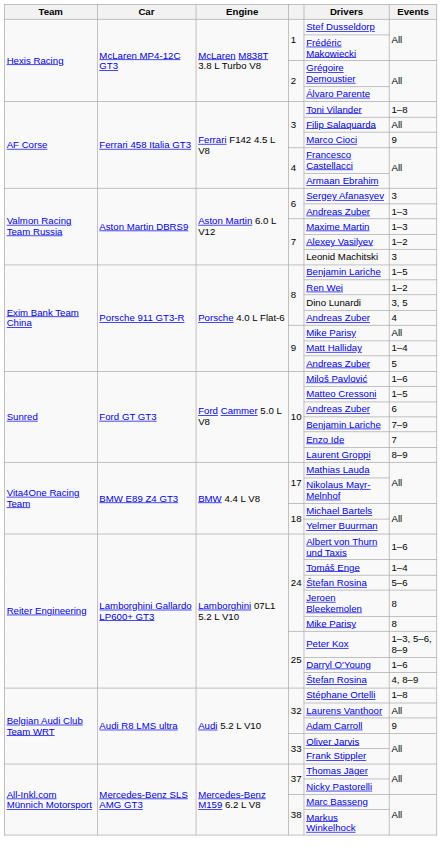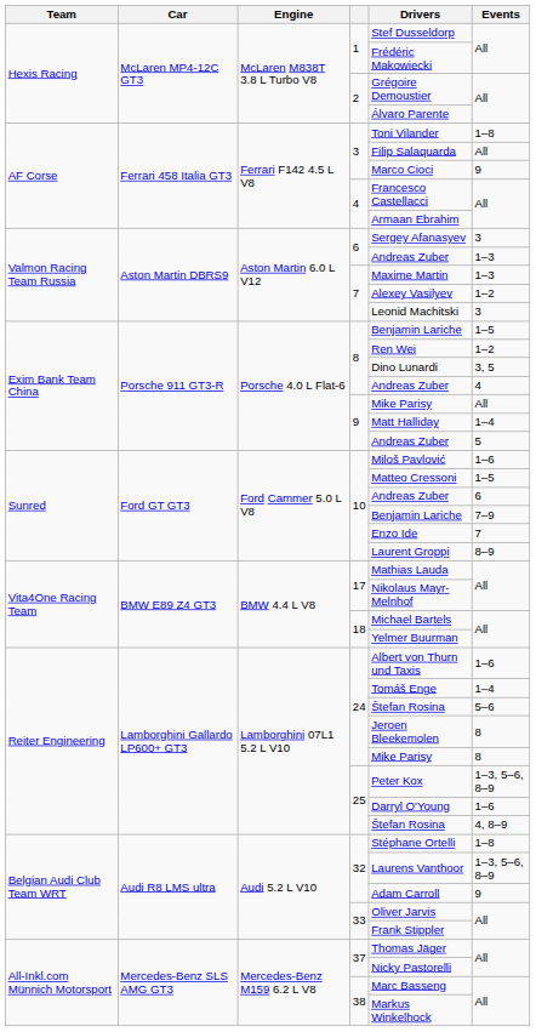 <table class="wikitable" style="font-size: 85%;">
 <tr>
 <th>Team</th>
 <th>Car</th>
 <th>Engine</th>
 <th></th>
 <th>Drivers</th>
 <th>Events</th>
 </tr>
 <tr>
 <td rowspan=4> <a href='#'>Hexis Racing</a></td>
 <td rowspan=4><a href='#'>McLaren MP4-12C GT3</a></td>
 <td rowspan=4><a href='#'>McLaren</a> <a href='#'>M838T</a> 3.8 L Turbo V8</td>
 <td rowspan=2>1</td>
 <td> <a href='#'>Stef Dusseldorp</a></td>
 <td rowspan=2>All</td>
 </tr>
 <tr>
 <td> <a href='#'>Frédéric Makowiecki</a></td>
 </tr>
 <tr>
 <td rowspan=2>2</td>
 <td> <a href='#'>Grégoire Demoustier</a></td>
 <td rowspan=2>All</td>
 </tr>
 <tr>
 <td> <a href='#'>Álvaro Parente</a></td>
 </tr>
 <tr>
 <td rowspan=5> <a href='#'>AF Corse</a></td>
 <td rowspan=5><a href='#'>Ferrari 458 Italia GT3</a></td>
 <td rowspan=5><a href='#'>Ferrari</a> F142 4.5 L V8</td>
 <td rowspan=3>3</td>
 <td> <a href='#'>Toni Vilander</a></td>
 <td>1–8</td>
 </tr>
 <tr>
 <td> <a href='#'>Filip Salaquarda</a></td>
 <td>All</td>
 </tr>
 <tr>
 <td> <a href='#'>Marco Cioci</a></td>
 <td>9</td>
 </tr>
 <tr>
 <td rowspan=2>4</td>
 <td> <a href='#'>Francesco Castellacci</a></td>
 <td rowspan=2>All</td>
 </tr>
 <tr>
 <td> <a href='#'>Armaan Ebrahim</a></td>
 </tr>
 <tr>
 <td rowspan=5> <a href='#'>Valmon Racing Team Russia</a></td>
 <td rowspan=5><a href='#'>Aston Martin DBRS9</a></td>
 <td rowspan=5><a href='#'>Aston Martin</a> 6.0 L V12</td>
 <td rowspan=2>6</td>
 <td> <a href='#'>Sergey Afanasyev</a></td>
 <td>3</td>
 </tr>
 <tr>
 <td> <a href='#'>Andreas Zuber</a></td>
 <td>1–3</td>
 </tr>
 <tr>
 <td rowspan=3>7</td>
 <td> <a href='#'>Maxime Martin</a></td>
 <td>1–3</td>
 </tr>
 <tr>
 <td> <a href='#'>Alexey Vasilyev</a></td>
 <td>1–2</td>
 </tr>
 <tr>
 <td> Leonid Machitski</td>
 <td>3</td>
 </tr>
 <tr>
 <td rowspan=7> <a href='#'>Exim Bank Team China</a></td>
 <td rowspan=7><a href='#'>Porsche 911 GT3-R</a></td>
 <td rowspan=7><a href='#'>Porsche</a> 4.0 L Flat-6</td>
 <td rowspan=4>8</td>
 <td> <a href='#'>Benjamin Lariche</a></td>
 <td>1–5</td>
 </tr>
 <tr>
 <td> <a href='#'>Ren Wei</a></td>
 <td>1–2</td>
 </tr>
 <tr>
 <td> Dino Lunardi</td>
 <td>3, 5</td>
 </tr>
 <tr>
 <td> <a href='#'>Andreas Zuber</a></td>
 <td>4</td>
 </tr>
 <tr>
 <td rowspan=3>9</td>
 <td> <a href='#'>Mike Parisy</a></td>
 <td>All</td>
 </tr>
 <tr>
 <td> <a href='#'>Matt Halliday</a></td>
 <td>1–4</td>
 </tr>
 <tr>
 <td> <a href='#'>Andreas Zuber</a></td>
 <td>5</td>
 </tr>
 <tr>
 <td rowspan=6> <a href='#'>Sunred</a></td>
 <td rowspan=6><a href='#'>Ford GT GT3</a></td>
 <td rowspan=6><a href='#'>Ford</a> <a href='#'>Cammer</a> 5.0 L V8</td>
 <td rowspan=6>10</td>
 <td> <a href='#'>Miloš Pavlović</a></td>
 <td>1–6</td>
 </tr>
 <tr>
 <td> <a href='#'>Matteo Cressoni</a></td>
 <td>1–5</td>
 </tr>
 <tr>
 <td> <a href='#'>Andreas Zuber</a></td>
 <td>6</td>
 </tr>
 <tr>
 <td> <a href='#'>Benjamin Lariche</a></td>
 <td>7–9</td>
 </tr>
 <tr>
 <td> <a href='#'>Enzo Ide</a></td>
 <td>7</td>
 </tr>
 <tr>
 <td> <a href='#'>Laurent Groppi</a></td>
 <td>8–9</td>
 </tr>
 <tr>
 <td rowspan=4> <a href='#'>Vita4One Racing Team</a></td>
 <td rowspan=4><a href='#'>BMW E89 Z4 GT3</a></td>
 <td rowspan=4><a href='#'>BMW</a> 4.4 L V8</td>
 <td rowspan=2>17</td>
 <td> <a href='#'>Mathias Lauda</a></td>
 <td rowspan=2>All</td>
 </tr>
 <tr>
 <td> <a href='#'>Nikolaus Mayr-Melnhof</a></td>
 </tr>
 <tr>
 <td rowspan=2>18</td>
 <td> <a href='#'>Michael Bartels</a></td>
 <td rowspan=2>All</td>
 </tr>
 <tr>
 <td> <a href='#'>Yelmer Buurman</a></td>
 </tr>
 <tr>
 <td rowspan=8> <a href='#'>Reiter Engineering</a></td>
 <td rowspan=8><a href='#'>Lamborghini Gallardo LP600+ GT3</a></td>
 <td rowspan=8><a href='#'>Lamborghini</a> 07L1 5.2 L V10</td>
 <td rowspan=5>24</td>
 <td> <a href='#'>Albert von Thurn und Taxis</a></td>
 <td>1–6</td>
 </tr>
 <tr>
 <td> <a href='#'>Tomáš Enge</a></td>
 <td>1–4</td>
 </tr>
 <tr>
 <td> <a href='#'>Štefan Rosina</a></td>
 <td>5–6</td>
 </tr>
 <tr>
 <td> <a href='#'>Jeroen Bleekemolen</a></td>
 <td>8</td>
 </tr>
 <tr>
 <td> <a href='#'>Mike Parisy</a></td>
 <td>8</td>
 </tr>
 <tr>
 <td rowspan=3>25</td>
 <td> <a href='#'>Peter Kox</a></td>
 <td>1–3, 5–6, 8–9</td>
 </tr>
 <tr>
 <td> <a href='#'>Darryl O'Young</a></td>
 <td>1–6</td>
 </tr>
 <tr>
 <td> <a href='#'>Štefan Rosina</a></td>
 <td>4, 8–9</td>
 </tr>
 <tr>
 <td rowspan=5> <a href='#'>Belgian Audi Club Team WRT</a></td>
 <td rowspan=5><a href='#'>Audi R8 LMS ultra</a></td>
 <td rowspan=5><a href='#'>Audi</a> 5.2 L V10</td>
 <td rowspan=3>32</td>
 <td> <a href='#'>Stéphane Ortelli</a></td>
 <td>1–8</td>
 </tr>
 <tr>
 <td> <a href='#'>Laurens Vanthoor</a></td>
-<td>All</td>
+<td>1–3, 5–6, 8–9</td>
 </tr>
 <tr>
 <td> <a href='#'>Adam Carroll</a></td>
 <td>9</td>
 </tr>
 <tr>
 <td rowspan=2>33</td>
 <td> <a href='#'>Oliver Jarvis</a></td>
 <td rowspan=2>All</td>
 </tr>
 <tr>
 <td> <a href='#'>Frank Stippler</a></td>
 </tr>
 <tr>
 <td rowspan=4> <a href='#'>All-Inkl.com Münnich Motorsport</a></td>
 <td rowspan=4><a href='#'>Mercedes-Benz SLS AMG GT3</a></td>
 <td rowspan=4><a href='#'>Mercedes-Benz M159</a> 6.2 L V8</td>
 <td rowspan=2>37</td>
 <td> <a href='#'>Thomas Jäger</a></td>
 <td rowspan=2>All</td>
 </tr>
 <tr>
 <td> <a href='#'>Nicky Pastorelli</a></td>
 </tr>
 <tr>
 <td rowspan=2>38</td>
 <td> <a href='#'>Marc Basseng</a></td>
 <td rowspan=2>All</td>
 </tr>
 <tr>
 <td> <a href='#'>Markus Winkelhock</a></td>
 </tr>
 </table>
